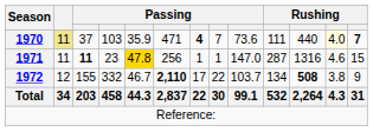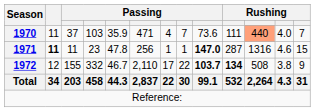 <table class="wikitable" style="text-align:center;">
 <tr>
 <th rowspan="2">Season</th>
 <th rowspan="2"></th>
 <th colspan="7">Passing</th>
 <th colspan="4">Rushing</th>
 </tr>
 <tr>
 <th></th>
 <th></th>
 <th></th>
 <th></th>
 <th></th>
 <th></th>
 <th></th>
 <th></th>
 <th></th>
 <th></th>
 <th></th>
 </tr>
 <tr>
 <th><a href='#'>1970</a></th>
-<td style="background: khaki;">11</td>
+<td>11</td>
 <td>37</td>
 <td>103</td>
 <td>35.9</td>
 <td>471</td>
-<td><strong>4</strong></td>
+<td>4</td>
 <td>7</td>
 <td>73.6</td>
 <td>111</td>
-<td>440</td>
-<td style="background: lightyellow;">4.0</td>
-<td><strong>7</strong></td>
+<td style="background: lightsalmon;">440</td>
+<td>4.0</td>
+<td>7</td>
 </tr>
 <tr>
 <th><a href='#'>1971</a></th>
+<td><strong>11</strong></td>
 <td>11</td>
-<td><strong>11</strong></td>
 <td>23</td>
-<td style="background: gold;">47.8</td>
+<td>47.8</td>
 <td>256</td>
 <td>1</td>
 <td>1</td>
-<td>147.0</td>
+<td><strong>147.0</strong></td>
 <td>287</td>
 <td>1316</td>
 <td>4.6</td>
 <td>15</td>
 </tr>
 <tr>
 <th><a href='#'>1972</a></th>
 <td>12</td>
 <td>155</td>
 <td>332</td>
 <td>46.7</td>
-<td><strong>2,110</strong></td>
+<td>2,110</td>
 <td>17</td>
 <td>22</td>
-<td>103.7</td>
-<td>134</td>
-<td><strong>508</strong></td>
+<td><strong>103.7</strong></td>
+<td><strong>134</strong></td>
+<td>508</td>
 <td>3.8</td>
 <td>9</td>
 </tr>
 <tr>
 <th>Total</th>
 <th>34</th>
 <th>203</th>
 <th>458</th>
 <th>44.3</th>
 <th>2,837</th>
 <th>22</th>
 <th>30</th>
 <th>99.1</th>
 <th>532</th>
 <th>2,264</th>
 <th>4.3</th>
 <th>31</th>
 </tr>
 <tr>
 <td colspan="13">Reference:</td>
 </tr>
 </table>
